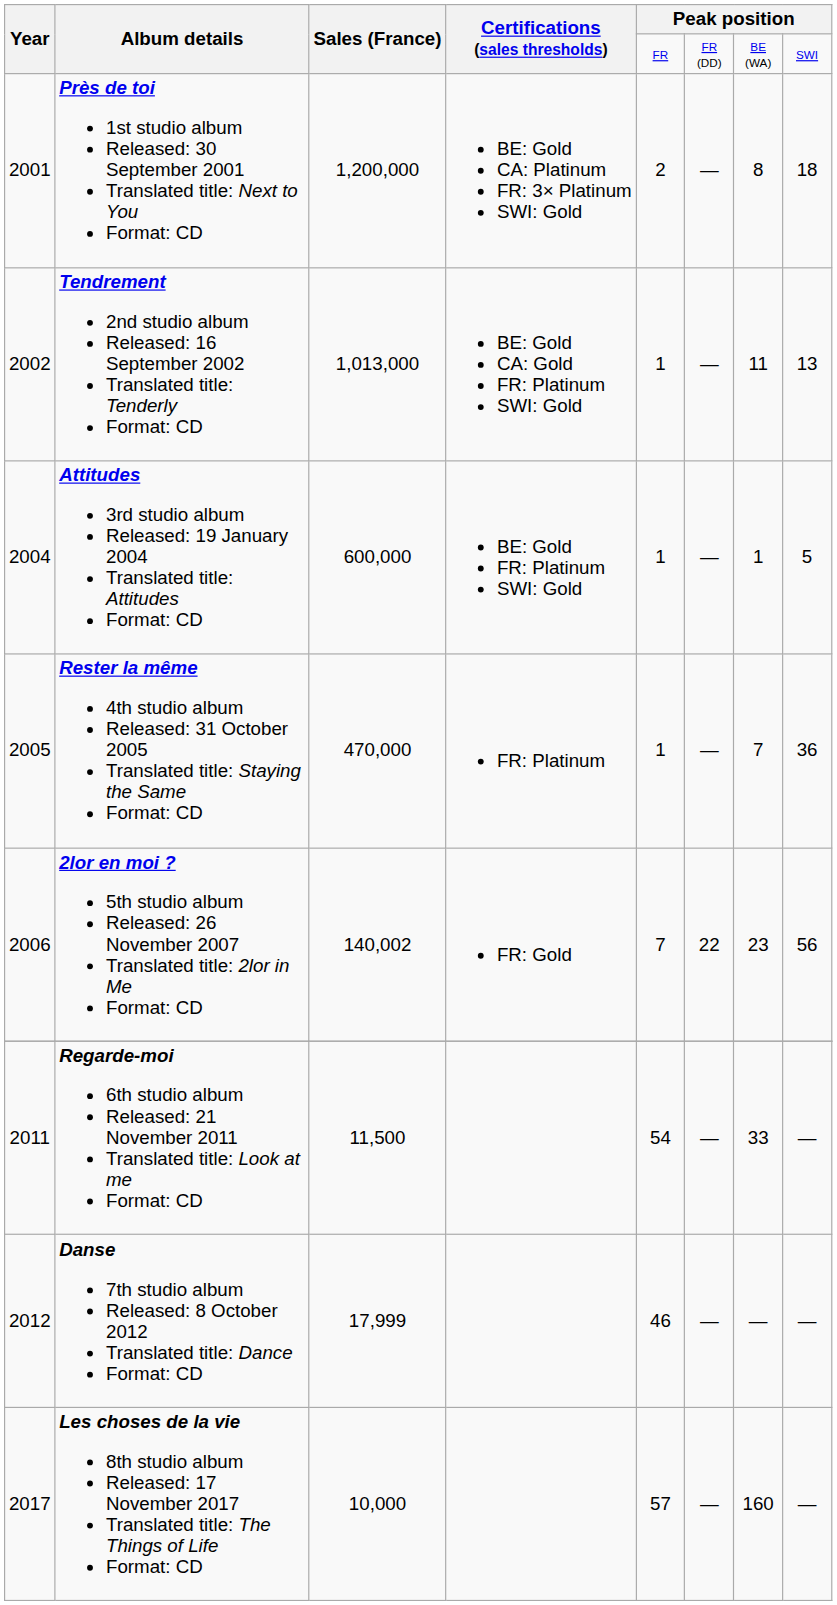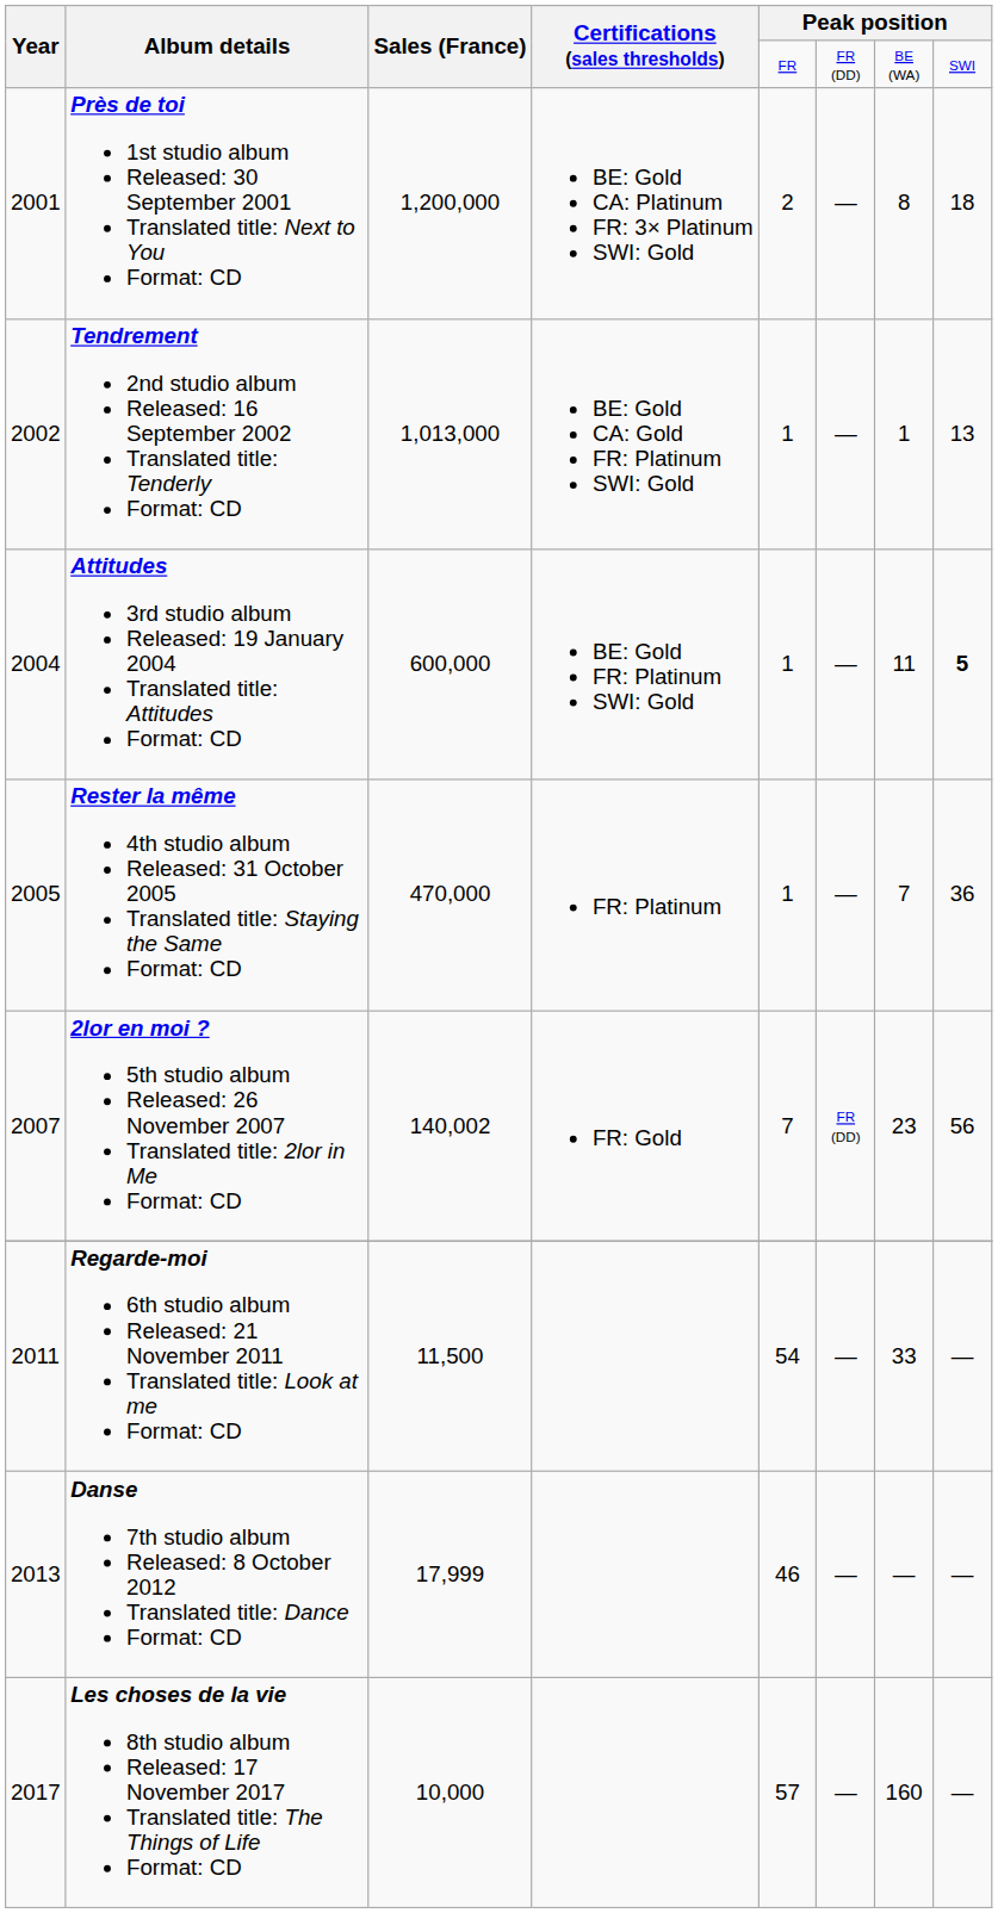 <table class="wikitable" style=text-align:center;>
 <tr>
 <th rowspan="2" width="3">Year</th>
 <th width="210" rowspan="2">Album details</th>
 <th rowspan="2">Sales (France)</th>
 <th rowspan="2"><a href='#'>Certifications</a><br><small>(<a href='#'>sales thresholds</a>)</small></th>
 <th colspan="4">Peak position</th>
 </tr>
 <tr ---->
 <td style="width:3em;font-size:75%"><small><a href='#'>FR</a></small> <br></td>
 <td style="width:3em;font-size:75%"><small><a href='#'>FR</a> (DD)</small></td>
 <td style="width:3em;font-size:75%"><small><a href='#'>BE</a> (WA)</small> <br></td>
 <td style="width:3em;font-size:75%"><small><a href='#'>SWI</a></small> <br></td>
 </tr>
 <tr ---->
 <td>2001</td>
 <td align="left"><strong><em><a href='#'>Près de toi</a></em></strong><br><ul><li>1st studio album</li><li>Released: 30 September 2001</li><li>Translated title: <em>Next to You</em></li><li>Format: CD</li></ul></td>
 <td align="center">1,200,000</td>
 <td align="left"><br><ul><li>BE: Gold</li><li>CA: Platinum</li><li>FR: 3× Platinum</li><li>SWI: Gold</li></ul></td>
 <td align="center">2</td>
 <td align="center">—</td>
 <td align="center">8</td>
 <td align="center">18</td>
 </tr>
 <tr ---->
 <td>2002</td>
 <td align="left"><strong><em><a href='#'>Tendrement</a></em></strong><br><ul><li>2nd studio album</li><li>Released: 16 September 2002</li><li>Translated title: <em>Tenderly</em></li><li>Format: CD</li></ul></td>
 <td align="center">1,013,000</td>
 <td align="left"><br><ul><li>BE: Gold</li><li>CA: Gold</li><li>FR: Platinum</li><li>SWI: Gold</li></ul></td>
 <td align="center">1</td>
 <td align="center">—</td>
-<td align="center">11</td>
+<td align="center">1</td>
 <td align="center">13</td>
 </tr>
 <tr ---->
 <td>2004</td>
 <td align="left"><strong><em><a href='#'>Attitudes</a></em></strong><br><ul><li>3rd studio album</li><li>Released: 19 January 2004</li><li>Translated title: <em>Attitudes</em></li><li>Format: CD</li></ul></td>
 <td align="center">600,000</td>
 <td align="left"><br><ul><li>BE: Gold</li><li>FR: Platinum</li><li>SWI: Gold</li></ul></td>
 <td align="center">1</td>
 <td align="center">—</td>
-<td align="center">1</td>
-<td align="center">5</td>
+<td align="center">11</td>
+<td align="center"><strong>5</strong></td>
 </tr>
 <tr ---->
 <td>2005</td>
 <td align="left"><strong><em><a href='#'>Rester la même</a></em></strong><br><ul><li>4th studio album</li><li>Released: 31 October 2005</li><li>Translated title: <em>Staying the Same</em></li><li>Format: CD</li></ul></td>
 <td align="center">470,000</td>
 <td align="left"><br><ul><li>FR: Platinum</li></ul></td>
 <td align="center">1</td>
 <td align="center">—</td>
 <td align="center">7</td>
 <td align="center">36</td>
 </tr>
 <tr ---->
-<td>2006</td>
+<td>2007</td>
 <td align="left"><strong><em><a href='#'>2lor en moi ?</a></em></strong><br><ul><li>5th studio album</li><li>Released: 26 November 2007</li><li>Translated title: <em>2lor in Me</em></li><li>Format: CD</li></ul></td>
 <td align="center">140,002</td>
 <td align="left"><br><ul><li>FR: Gold</li></ul></td>
 <td align="center">7</td>
-<td align="center">22</td>
+<td style="width:3em;font-size:75%"><small><a href='#'>FR</a> (DD)</small></td>
 <td align="center">23</td>
 <td align="center">56</td>
 </tr>
 <tr>
 </tr>
 <tr ---->
 <td>2011</td>
 <td align="left"><strong><em>Regarde-moi</em></strong><br><ul><li>6th studio album</li><li>Released: 21 November 2011</li><li>Translated title: <em>Look at me</em></li><li>Format: CD</li></ul></td>
 <td align="center">11,500</td>
 <td align="left"></td>
 <td align="center">54</td>
 <td align="center">—</td>
 <td align="center">33</td>
 <td align="center">—</td>
 </tr>
 <tr>
-<td>2012</td>
+<td>2013</td>
 <td align="left"><strong><em>Danse</em></strong><br><ul><li>7th studio album</li><li>Released: 8 October 2012</li><li>Translated title: <em>Dance</em></li><li>Format: CD</li></ul></td>
 <td align="center">17,999</td>
 <td align="left"></td>
 <td align="center">46</td>
 <td align="center">—</td>
 <td align="center">—</td>
 <td align="center">—</td>
 </tr>
 <tr>
 <td>2017</td>
 <td align="left"><strong><em>Les choses de la vie</em></strong><br><ul><li>8th studio album</li><li>Released: 17 November 2017</li><li>Translated title: <em>The Things of Life</em></li><li>Format: CD</li></ul></td>
 <td align="center">10,000</td>
 <td align="left"></td>
 <td align="center">57<br></td>
 <td align="center">—</td>
 <td align="center">160</td>
 <td align="center">—</td>
 </tr>
 </table>
